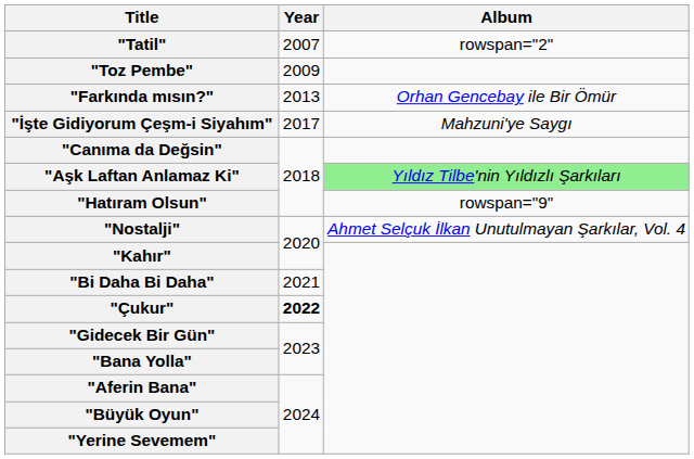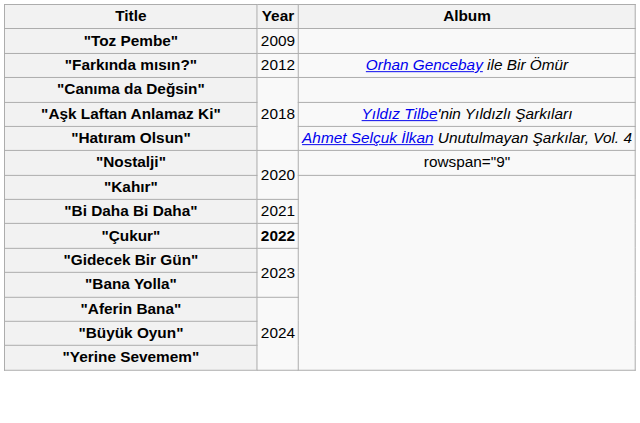 <table class="wikitable plainrowheaders" style="text-align: center;" border="1">
 <tr>
 <th scope="col" style="width:16em;">Title</th>
 <th scope="col" style="width:1em;">Year</th>
 <th scope="col">Album</th>
 </tr>
 <tr>
-<th scope="row">"Tatil"</th>
-<td>2007</td>
-<td>rowspan="2" </td>
-</tr>
-<tr>
 <th scope="row">"Toz Pembe"</th>
 <td>2009</td>
 </tr>
 <tr>
 <th scope="row">"Farkında mısın?"</th>
-<td>2013</td>
+<td>2012</td>
 <td><em><a href='#'>Orhan Gencebay</a> ile Bir Ömür</em></td>
-</tr>
-<tr>
-<th scope="row">"İşte Gidiyorum Çeşm-i Siyahım" <br></th>
-<td>2017</td>
-<td><em>Mahzuni'ye Saygı</em></td>
 </tr>
 <tr>
 <th scope="row">"Canıma da Değsin"</th>
 <td rowspan="3">2018</td>
 <td></td>
 </tr>
 <tr>
 <th scope="row">"Aşk Laftan Anlamaz Ki"</th>
-<td style="background: lightgreen;"><em><a href='#'>Yıldız Tilbe</a>'nin Yıldızlı Şarkıları</em></td>
+<td><em><a href='#'>Yıldız Tilbe</a>'nin Yıldızlı Şarkıları</em></td>
 </tr>
 <tr>
 <th scope="row">"Hatıram Olsun"</th>
-<td>rowspan="9" </td>
+<td><em><a href='#'>Ahmet Selçuk İlkan</a> Unutulmayan Şarkılar, Vol. 4</em></td>
 </tr>
 <tr>
 <th scope="row">"Nostalji"</th>
 <td rowspan="2">2020</td>
-<td><em><a href='#'>Ahmet Selçuk İlkan</a> Unutulmayan Şarkılar, Vol. 4</em></td>
+<td>rowspan="9" </td>
 </tr>
 <tr>
 <th scope="row">"Kahır"</th>
 </tr>
 <tr>
 <th scope="row">"Bi Daha Bi Daha"</th>
 <td rowspan="1">2021</td>
 </tr>
 <tr>
 <th scope="row">"Çukur"</th>
 <td rowspan="1"><strong>2022</strong></td>
 </tr>
 <tr>
 <th scope="row">"Gidecek Bir Gün"</th>
 <td rowspan="2">2023</td>
 </tr>
 <tr>
 <th scope="row">"Bana Yolla"</th>
 </tr>
 <tr>
 <th scope="row">"Aferin Bana"</th>
 <td rowspan="3">2024</td>
 </tr>
 <tr>
 <th scope="row">"Büyük Oyun" <br></th>
 </tr>
 <tr>
 <th scope="row">"Yerine Sevemem" <br></th>
 </tr>
 </table>
